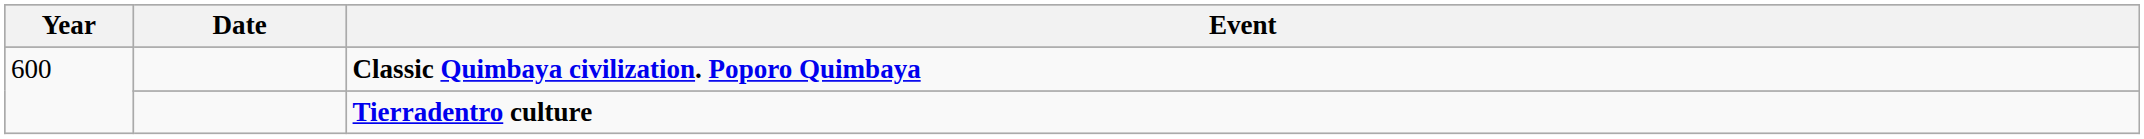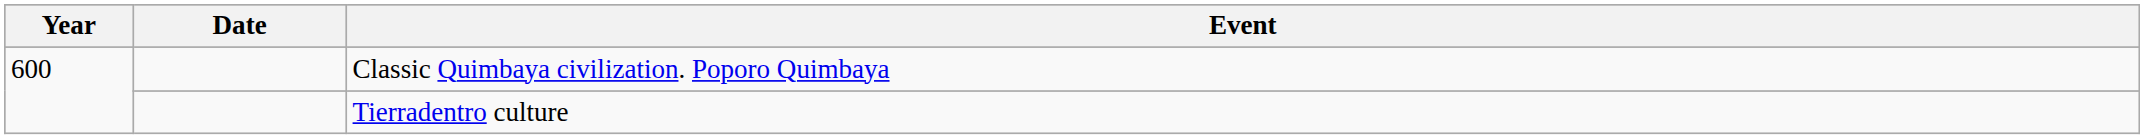 <table class="wikitable" style="width:100%;">
 <tr>
 <th style="width:6%">Year</th>
 <th style="width:10%">Date</th>
 <th>Event</th>
 </tr>
 <tr>
 <td rowspan="2" style="vertical-align:top;">600</td>
 <td></td>
-<td><strong>Classic <a href='#'>Quimbaya civilization</a>. <a href='#'>Poporo Quimbaya</a></strong></td>
+<td>Classic <a href='#'>Quimbaya civilization</a>. <a href='#'>Poporo Quimbaya</a></td>
 </tr>
 <tr>
 <td></td>
-<td><strong><a href='#'>Tierradentro</a> culture</strong></td>
+<td><a href='#'>Tierradentro</a> culture</td>
 </tr>
 </table>
